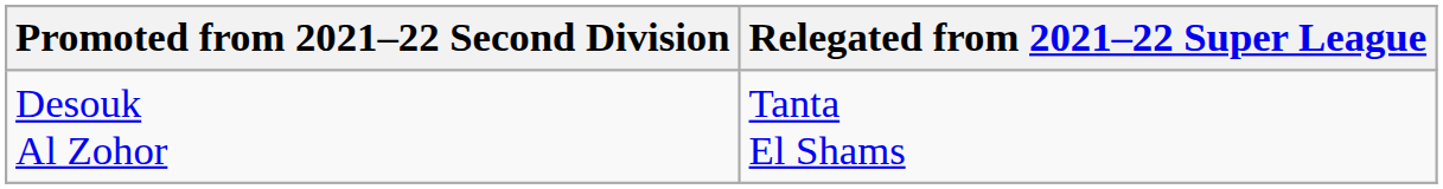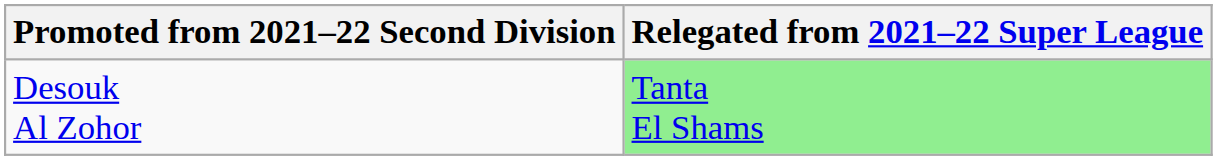 <table class="wikitable">
 <tr>
 <th> Promoted from 2021–22 Second Division</th>
 <th> Relegated from <a href='#'>2021–22 Super League</a></th>
 </tr>
 <tr>
 <td><a href='#'>Desouk</a><br><a href='#'>Al Zohor</a></td>
-<td><a href='#'>Tanta</a><br><a href='#'>El Shams</a></td>
+<td style="background: lightgreen;"><a href='#'>Tanta</a><br><a href='#'>El Shams</a></td>
 </tr>
 </table>
